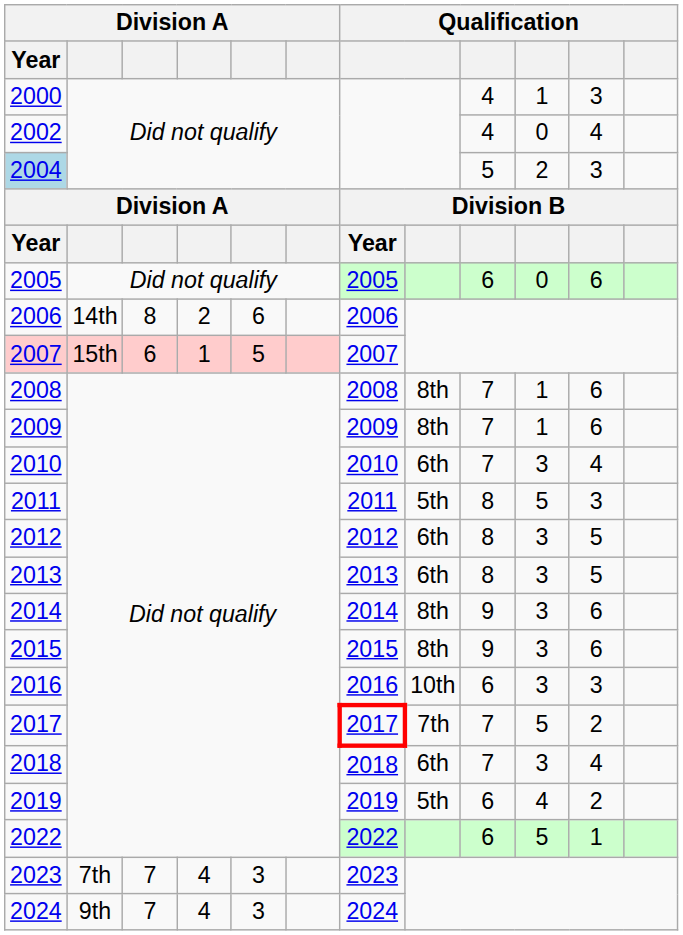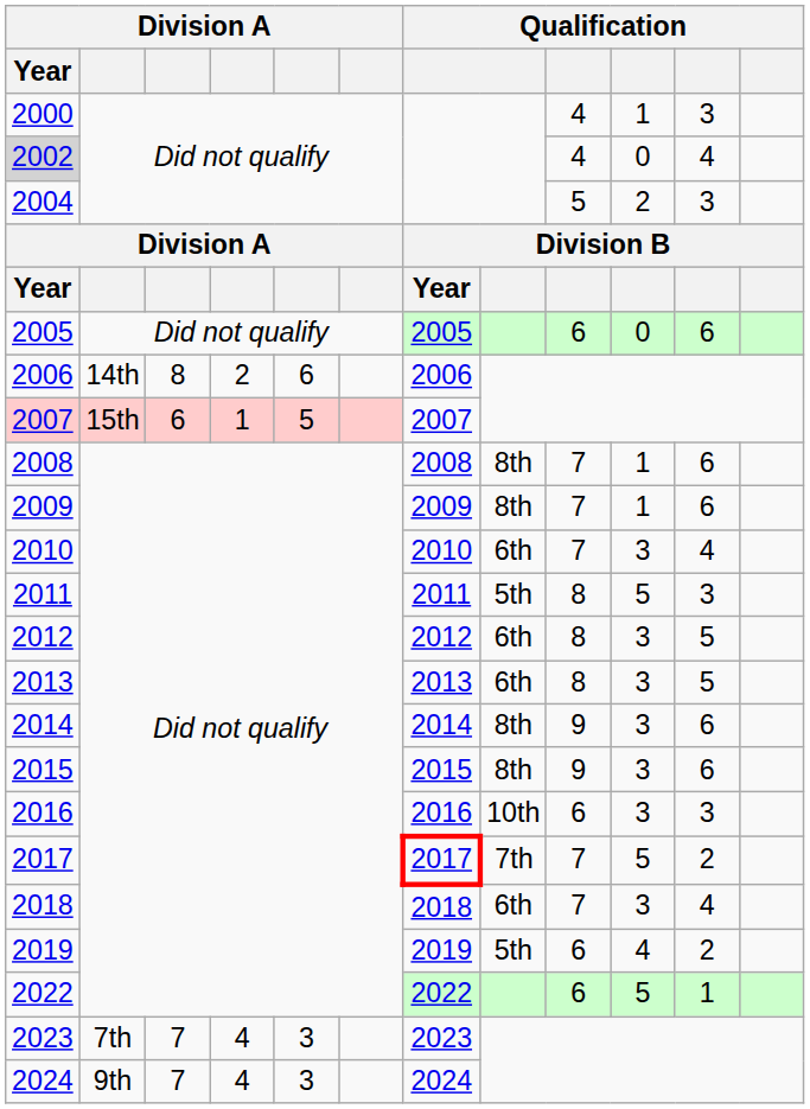 <table class="wikitable" style="text-align: center;">
 <tr>
 <th colspan=6>Division A</th>
 <th colspan=6>Qualification</th>
 </tr>
 <tr>
 <th>Year</th>
 <th></th>
 <th width=30></th>
 <th width=30></th>
 <th width=30></th>
 <th width=30></th>
 <th colspan=2></th>
 <th width=30></th>
 <th width=30></th>
 <th width=30></th>
 <th width=30></th>
 </tr>
 <tr>
 <td> <a href='#'>2000</a></td>
 <td ! colspan=5 rowspan=3><em>Did not qualify</em></td>
 <td ! colspan=2 rowspan=3></td>
 <td>4</td>
 <td>1</td>
 <td>3</td>
 <td></td>
 </tr>
 <tr>
-<td> <a href='#'>2002</a></td>
+<td style="background: lightgrey;"> <a href='#'>2002</a></td>
 <td>4</td>
 <td>0</td>
 <td>4</td>
 <td></td>
 </tr>
 <tr>
-<td style="background: lightblue;"> <a href='#'>2004</a></td>
+<td> <a href='#'>2004</a></td>
 <td>5</td>
 <td>2</td>
 <td>3</td>
 <td></td>
 </tr>
 <tr>
 <th colspan=6>Division A</th>
 <th colspan=6>Division B</th>
 </tr>
 <tr>
 <th>Year</th>
 <th></th>
 <th width=30></th>
 <th width=30></th>
 <th width=30></th>
 <th width=30></th>
 <th>Year</th>
 <th></th>
 <th width=30></th>
 <th width=30></th>
 <th width=30></th>
 <th width=30></th>
 </tr>
 <tr>
 <td> <a href='#'>2005</a></td>
 <td ! colspan=5><em>Did not qualify</em></td>
 <td bgcolor=#ccffcc> <a href='#'>2005</a></td>
 <td bgcolor=#ccffcc></td>
 <td bgcolor=#ccffcc>6</td>
 <td bgcolor=#ccffcc>0</td>
 <td bgcolor=#ccffcc>6</td>
 <td bgcolor=#ccffcc></td>
 </tr>
 <tr>
 <td> <a href='#'>2006</a></td>
 <td>14th</td>
 <td>8</td>
 <td>2</td>
 <td>6</td>
 <td></td>
 <td> <a href='#'>2006</a></td>
 <td ! colspan=5 rowspan=2></td>
 </tr>
 <tr>
 <td bgcolor=#ffcccc> <a href='#'>2007</a></td>
 <td bgcolor=#ffcccc>15th</td>
 <td bgcolor=#ffcccc>6</td>
 <td bgcolor=#ffcccc>1</td>
 <td bgcolor=#ffcccc>5</td>
 <td bgcolor=#ffcccc></td>
 <td> <a href='#'>2007</a></td>
 </tr>
 <tr>
 <td> <a href='#'>2008</a></td>
 <td ! colspan=5 rowspan=13><em>Did not qualify</em></td>
 <td> <a href='#'>2008</a></td>
 <td>8th</td>
 <td>7</td>
 <td>1</td>
 <td>6</td>
 <td></td>
 </tr>
 <tr>
 <td> <a href='#'>2009</a></td>
 <td> <a href='#'>2009</a></td>
 <td>8th</td>
 <td>7</td>
 <td>1</td>
 <td>6</td>
 <td></td>
 </tr>
 <tr>
 <td> <a href='#'>2010</a></td>
 <td> <a href='#'>2010</a></td>
 <td>6th</td>
 <td>7</td>
 <td>3</td>
 <td>4</td>
 <td></td>
 </tr>
 <tr>
 <td> <a href='#'>2011</a></td>
 <td> <a href='#'>2011</a></td>
 <td>5th</td>
 <td>8</td>
 <td>5</td>
 <td>3</td>
 <td></td>
 </tr>
 <tr>
 <td> <a href='#'>2012</a></td>
 <td> <a href='#'>2012</a></td>
 <td>6th</td>
 <td>8</td>
 <td>3</td>
 <td>5</td>
 <td></td>
 </tr>
 <tr>
 <td> <a href='#'>2013</a></td>
 <td> <a href='#'>2013</a></td>
 <td>6th</td>
 <td>8</td>
 <td>3</td>
 <td>5</td>
 <td></td>
 </tr>
 <tr>
 <td> <a href='#'>2014</a></td>
 <td> <a href='#'>2014</a></td>
 <td>8th</td>
 <td>9</td>
 <td>3</td>
 <td>6</td>
 <td></td>
 </tr>
 <tr>
 <td> <a href='#'>2015</a></td>
 <td> <a href='#'>2015</a></td>
 <td>8th</td>
 <td>9</td>
 <td>3</td>
 <td>6</td>
 <td></td>
 </tr>
 <tr>
 <td> <a href='#'>2016</a></td>
 <td> <a href='#'>2016</a></td>
 <td>10th</td>
 <td>6</td>
 <td>3</td>
 <td>3</td>
 <td></td>
 </tr>
 <tr>
 <td> <a href='#'>2017</a></td>
 <td style="border: 3px solid red"> <a href='#'>2017</a></td>
 <td>7th</td>
 <td>7</td>
 <td>5</td>
 <td>2</td>
 <td></td>
 </tr>
 <tr>
 <td> <a href='#'>2018</a></td>
 <td> <a href='#'>2018</a></td>
 <td>6th</td>
 <td>7</td>
 <td>3</td>
 <td>4</td>
 <td></td>
 </tr>
 <tr>
 <td> <a href='#'>2019</a></td>
 <td> <a href='#'>2019</a></td>
 <td>5th</td>
 <td>6</td>
 <td>4</td>
 <td>2</td>
 <td></td>
 </tr>
 <tr>
 <td> <a href='#'>2022</a></td>
 <td bgcolor=#ccffcc> <a href='#'>2022</a></td>
 <td bgcolor=#ccffcc></td>
 <td bgcolor=#ccffcc>6</td>
 <td bgcolor=#ccffcc>5</td>
 <td bgcolor=#ccffcc>1</td>
 <td bgcolor=#ccffcc></td>
 </tr>
 <tr>
 <td> <a href='#'>2023</a></td>
 <td>7th</td>
 <td>7</td>
 <td>4</td>
 <td>3</td>
 <td></td>
 <td> <a href='#'>2023</a></td>
 <td colspan=5 rowspan=2></td>
 </tr>
 <tr>
 <td> <a href='#'>2024</a></td>
 <td>9th</td>
 <td>7</td>
 <td>4</td>
 <td>3</td>
 <td></td>
 <td> <a href='#'>2024</a></td>
 </tr>
 </table>
